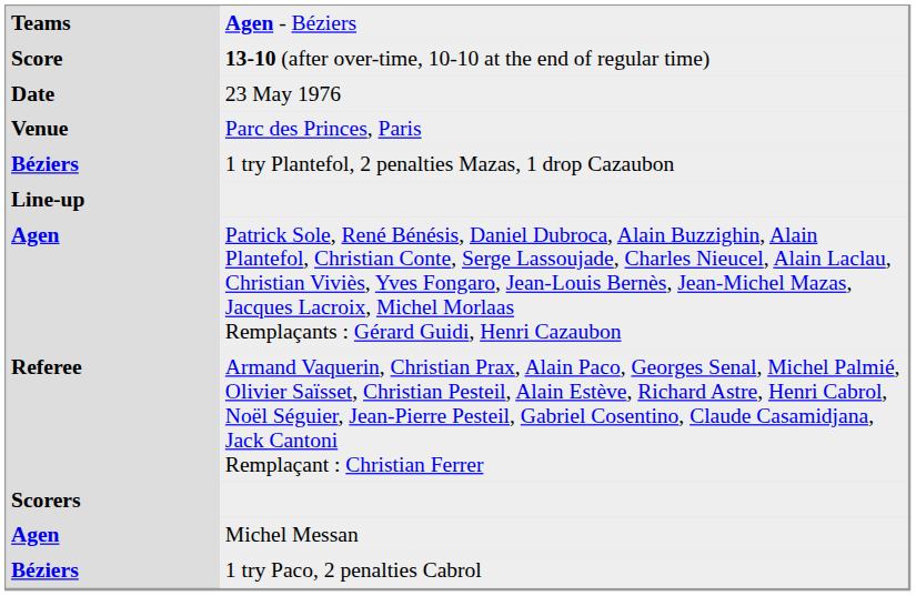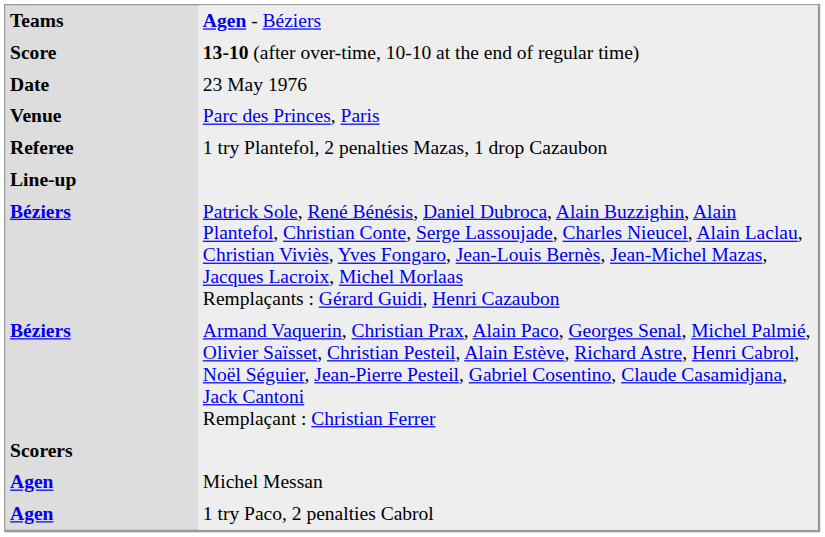 <table align="left" cellpadding="4" cellspacing="0"  style="margin: 0 0 0 0; border: 1px solid #999; border-right-width: 2px; border-bottom-width: 2px; background-color: #DDDDDD">
 <tr>
 <td width="150" valign="top"><strong>Teams</strong></td>
 <td width="500" bgcolor=#EEEEEE><strong><a href='#'>Agen</a> </strong> - <a href='#'>Béziers</a></td>
 </tr>
 <tr>
 <td valign="top"><strong>Score</strong></td>
 <td bgcolor=#EEEEEE><strong>13-10</strong> (after over-time, 10-10 at the end of regular time)</td>
 </tr>
 <tr>
 <td valign="top"><strong>Date</strong></td>
 <td bgcolor=#EEEEEE>23 May 1976</td>
 </tr>
 <tr>
 <td valign="top"><strong>Venue</strong></td>
 <td bgcolor=#EEEEEE><a href='#'>Parc des Princes</a>, <a href='#'>Paris</a></td>
 </tr>
 <tr>
-<td valign="top"><strong> <a href='#'>Béziers</a> </strong></td>
+<td valign="top"><strong>Referee</strong></td>
 <td bgcolor=#EEEEEE>1 try Plantefol, 2 penalties  Mazas, 1 drop Cazaubon</td>
 </tr>
 <tr>
 <td valign="top"><strong>Line-up</strong></td>
 <td bgcolor=#EEEEEE></td>
 </tr>
 <tr>
-<td valign="top"><strong> <a href='#'>Agen</a> </strong></td>
+<td valign="top"><strong><a href='#'>Béziers</a></strong></td>
 <td bgcolor=#EEEEEE><a href='#'>Patrick Sole</a>, <a href='#'>René Bénésis</a>, <a href='#'>Daniel Dubroca</a>, <a href='#'>Alain Buzzighin</a>, <a href='#'>Alain Plantefol</a>, <a href='#'>Christian Conte</a>, <a href='#'>Serge Lassoujade</a>, <a href='#'>Charles Nieucel</a>, <a href='#'>Alain Laclau</a>, <a href='#'>Christian Viviès</a>, <a href='#'>Yves Fongaro</a>, <a href='#'>Jean-Louis Bernès</a>, <a href='#'>Jean-Michel Mazas</a>, <a href='#'>Jacques Lacroix</a>, <a href='#'>Michel Morlaas</a> <br>Remplaçants :  <a href='#'>Gérard Guidi</a>, <a href='#'>Henri Cazaubon</a></td>
 </tr>
 <tr>
-<td valign="top"><strong>Referee</strong></td>
+<td valign="top"><strong> <a href='#'>Béziers</a> </strong></td>
 <td bgcolor=#EEEEEE><a href='#'>Armand Vaquerin</a>, <a href='#'>Christian Prax</a>, <a href='#'>Alain Paco</a>, <a href='#'>Georges Senal</a>, <a href='#'>Michel Palmié</a>, <a href='#'>Olivier Saïsset</a>, <a href='#'>Christian Pesteil</a>, <a href='#'>Alain Estève</a>, <a href='#'>Richard Astre</a>, <a href='#'>Henri Cabrol</a>, <a href='#'>Noël Séguier</a>, <a href='#'>Jean-Pierre Pesteil</a>, <a href='#'>Gabriel Cosentino</a>, <a href='#'>Claude Casamidjana</a>, <a href='#'>Jack Cantoni</a><br>Remplaçant : <a href='#'>Christian Ferrer</a></td>
 </tr>
 <tr>
 <td valign="top"><strong>Scorers</strong></td>
 <td bgcolor=#EEEEEE></td>
 </tr>
 <tr>
 <td valign="top"><strong> <a href='#'>Agen</a> </strong></td>
 <td bgcolor=#EEEEEE>Michel Messan</td>
 </tr>
 <tr>
-<td valign="top"><strong><a href='#'>Béziers</a></strong></td>
+<td valign="top"><strong> <a href='#'>Agen</a> </strong></td>
 <td bgcolor=#EEEEEE>1 try Paco, 2 penalties  Cabrol</td>
 </tr>
 </table>
